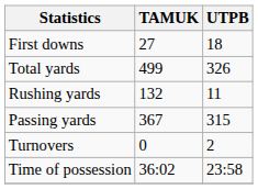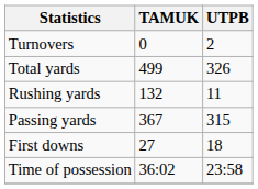 <table class="wikitable" style="float: left;">
 <tr>
 <th>Statistics</th>
 <th>TAMUK</th>
 <th>UTPB</th>
 </tr>
 <tr>
-<td>First downs</td>
-<td>27</td>
-<td>18</td>
+<td>Turnovers</td>
+<td>0</td>
+<td>2</td>
 </tr>
 <tr>
 <td>Total yards</td>
 <td>499</td>
 <td>326</td>
 </tr>
 <tr>
 <td>Rushing yards</td>
 <td>132</td>
 <td>11</td>
 </tr>
 <tr>
 <td>Passing yards</td>
 <td>367</td>
 <td>315</td>
 </tr>
 <tr>
-<td>Turnovers</td>
-<td>0</td>
-<td>2</td>
+<td>First downs</td>
+<td>27</td>
+<td>18</td>
 </tr>
 <tr>
 <td>Time of possession</td>
 <td>36:02</td>
 <td>23:58</td>
 </tr>
 <tr>
 </tr>
 </table>
